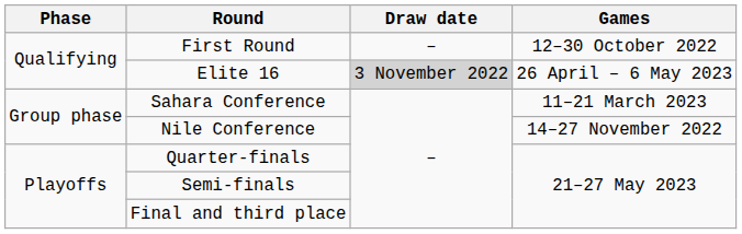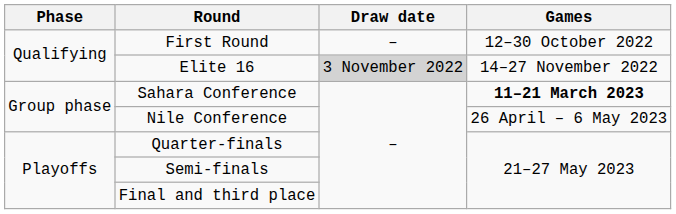 <table class="wikitable" style="text-align:center;">
 <tr>
 <th>Phase</th>
 <th>Round</th>
 <th>Draw date</th>
 <th>Games</th>
 </tr>
 <tr>
 <td rowspan="2">Qualifying</td>
 <td>First Round</td>
 <td>–</td>
 <td>12–30 October 2022</td>
 </tr>
 <tr>
 <td>Elite 16</td>
 <td style="background: lightgrey;">3 November 2022</td>
-<td>26 April – 6 May 2023</td>
+<td>14–27 November 2022</td>
 </tr>
 <tr>
 <td rowspan="2">Group phase</td>
 <td>Sahara Conference</td>
 <td rowspan="5">–</td>
-<td>11–21 March 2023</td>
+<td><strong>11–21 March 2023</strong></td>
 </tr>
 <tr>
 <td>Nile Conference</td>
-<td>14–27 November 2022</td>
+<td>26 April – 6 May 2023</td>
 </tr>
 <tr>
 <td rowspan="3">Playoffs</td>
 <td>Quarter-finals</td>
 <td rowspan="3">21–27 May 2023</td>
 </tr>
 <tr>
 <td>Semi-finals</td>
 </tr>
 <tr>
 <td>Final and third place</td>
 </tr>
 </table>
